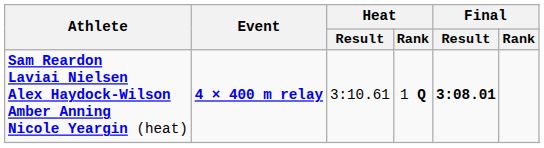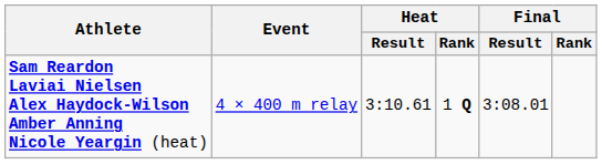 <table class=wikitable style=font-size:90%>
 <tr>
 <th rowspan=2>Athlete</th>
 <th rowspan=2>Event</th>
 <th colspan=2>Heat</th>
 <th colspan=2>Final</th>
 </tr>
 <tr style=font-size:95%>
 <th>Result</th>
 <th>Rank</th>
 <th>Result</th>
 <th>Rank</th>
 </tr>
 <tr align=center>
 <td align=left><strong><a href='#'>Sam Reardon</a></strong><br><strong><a href='#'>Laviai Nielsen</a></strong><br><strong><a href='#'>Alex Haydock-Wilson</a></strong><br><strong><a href='#'>Amber Anning</a></strong><br><strong><a href='#'>Nicole Yeargin</a></strong> (heat)</td>
-<td align=left><strong><a href='#'>4 × 400 m relay</a></strong></td>
+<td align=left><a href='#'>4 × 400 m relay</a></td>
 <td>3:10.61</td>
 <td>1 <strong>Q</strong></td>
-<td><strong>3:08.01</strong></td>
+<td>3:08.01</td>
 <td> <strong></strong></td>
 </tr>
 </table>
